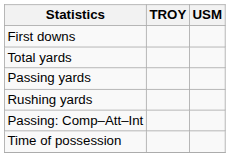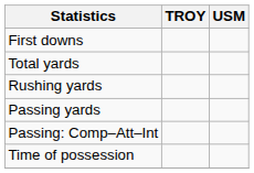 <table class="wikitable" style="float: left;">
 <tr>
 <th>Statistics</th>
 <th>TROY</th>
 <th>USM</th>
 </tr>
 <tr>
 <td>First downs</td>
 <td></td>
 <td></td>
 </tr>
 <tr>
 <td>Total yards</td>
 <td></td>
 <td></td>
 </tr>
 <tr>
-<td>Passing yards</td>
+<td>Rushing yards</td>
 <td></td>
 <td></td>
 </tr>
 <tr>
-<td>Rushing yards</td>
+<td>Passing yards</td>
 <td></td>
 <td></td>
 </tr>
 <tr>
 <td>Passing: Comp–Att–Int</td>
 <td></td>
 <td></td>
 </tr>
 <tr>
 <td>Time of possession</td>
 <td></td>
 <td></td>
 </tr>
 <tr>
 </tr>
 </table>
